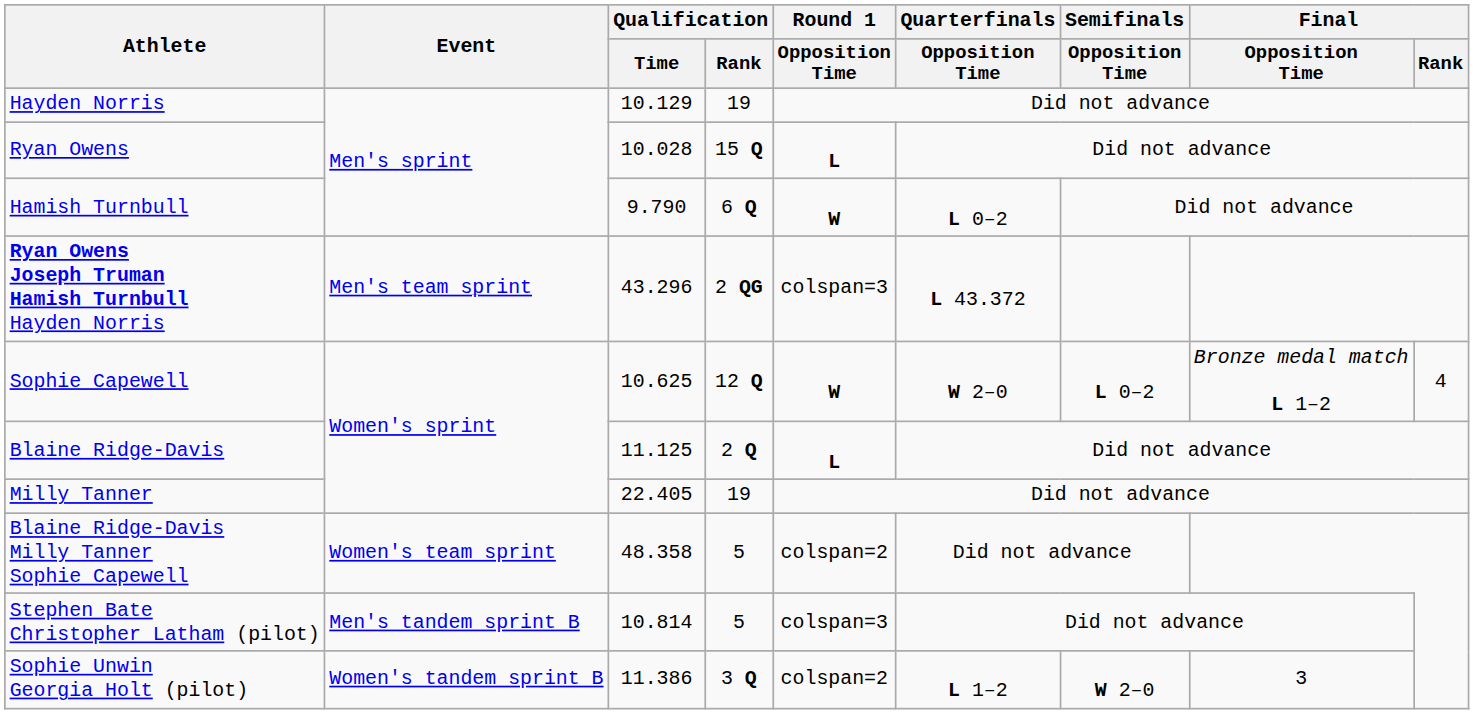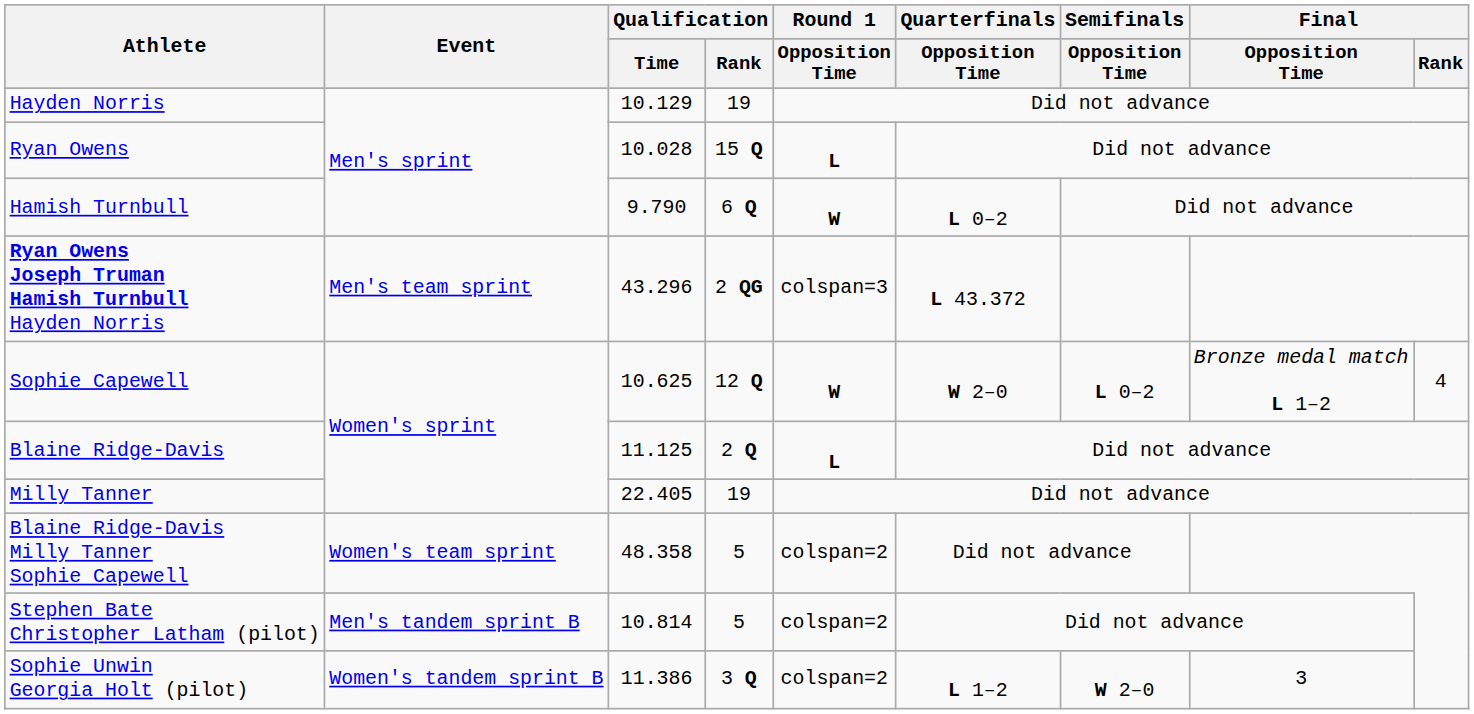 <table class="wikitable" style="font-size:90%;">
 <tr>
 <th rowspan=2>Athlete</th>
 <th rowspan=2>Event</th>
 <th colspan=2>Qualification</th>
 <th>Round 1</th>
 <th>Quarterfinals</th>
 <th>Semifinals</th>
 <th colspan=2>Final</th>
 </tr>
 <tr style="font-size:95%">
 <th>Time</th>
 <th>Rank</th>
 <th>Opposition<br>Time</th>
 <th>Opposition<br>Time</th>
 <th>Opposition<br>Time</th>
 <th>Opposition<br>Time</th>
 <th>Rank</th>
 </tr>
 <tr align=center>
 <td align=left><a href='#'>Hayden Norris</a></td>
 <td align=left rowspan=3><a href='#'>Men's sprint</a></td>
 <td>10.129</td>
 <td>19</td>
 <td colspan=5>Did not advance</td>
 </tr>
 <tr align=center>
 <td align=left><a href='#'>Ryan Owens</a></td>
 <td>10.028</td>
 <td>15 <strong>Q</strong></td>
 <td><br><strong>L</strong></td>
 <td colspan=4>Did not advance</td>
 </tr>
 <tr align=center>
 <td align=left><a href='#'>Hamish Turnbull</a></td>
 <td>9.790</td>
 <td>6 <strong>Q</strong></td>
 <td><br><strong>W</strong></td>
 <td><br><strong>L</strong> 0–2</td>
 <td colspan=3>Did not advance</td>
 </tr>
 <tr align=center>
 <td align=left><strong><a href='#'>Ryan Owens</a></strong><br><strong><a href='#'>Joseph Truman</a></strong><br><strong><a href='#'>Hamish Turnbull</a></strong><br><a href='#'>Hayden Norris</a></td>
 <td align=left><a href='#'>Men's team sprint</a></td>
 <td>43.296</td>
 <td>2 <strong>QG</strong></td>
 <td>colspan=3 </td>
 <td><br><strong>L</strong> 43.372</td>
 <td></td>
 </tr>
 <tr align=center>
 <td align=left><a href='#'>Sophie Capewell</a></td>
 <td align=left rowspan=3><a href='#'>Women's sprint</a></td>
 <td>10.625</td>
 <td>12 <strong>Q</strong></td>
 <td><br><strong>W</strong></td>
 <td><br><strong>W</strong> 2–0</td>
 <td><br><strong>L</strong> 0–2</td>
 <td><em>Bronze medal match</em><br><br><strong>L</strong> 1–2</td>
 <td>4</td>
 </tr>
 <tr align=center>
 <td align=left><a href='#'>Blaine Ridge-Davis</a></td>
 <td>11.125</td>
 <td>2 <strong>Q</strong></td>
 <td><br><strong>L</strong></td>
 <td colspan=4>Did not advance</td>
 </tr>
 <tr align=center>
 <td align=left><a href='#'>Milly Tanner</a></td>
 <td>22.405</td>
 <td>19</td>
 <td colspan=5>Did not advance</td>
 </tr>
 <tr align=center>
 <td align=left><a href='#'>Blaine Ridge-Davis</a><br><a href='#'>Milly Tanner</a><br><a href='#'>Sophie Capewell</a></td>
 <td align=left><a href='#'>Women's team sprint</a></td>
 <td>48.358</td>
 <td>5</td>
 <td>colspan=2 </td>
 <td colspan=2>Did not advance</td>
 </tr>
 <tr align=center>
 <td align=left><a href='#'>Stephen Bate</a><br><a href='#'>Christopher Latham</a> (pilot)</td>
 <td align=left><a href='#'>Men's tandem sprint B</a></td>
 <td>10.814</td>
 <td>5</td>
-<td>colspan=3 </td>
+<td>colspan=2 </td>
 <td colspan=3>Did not advance</td>
 </tr>
 <tr align=center>
 <td align=left><a href='#'>Sophie Unwin</a><br><a href='#'>Georgia Holt</a> (pilot)</td>
 <td align=left><a href='#'>Women's tandem sprint B</a></td>
 <td>11.386</td>
 <td>3 <strong>Q</strong></td>
 <td>colspan=2 </td>
 <td><br><strong>L</strong> 1–2</td>
 <td><br><strong>W</strong> 2–0</td>
 <td>3</td>
 </tr>
 </table>
